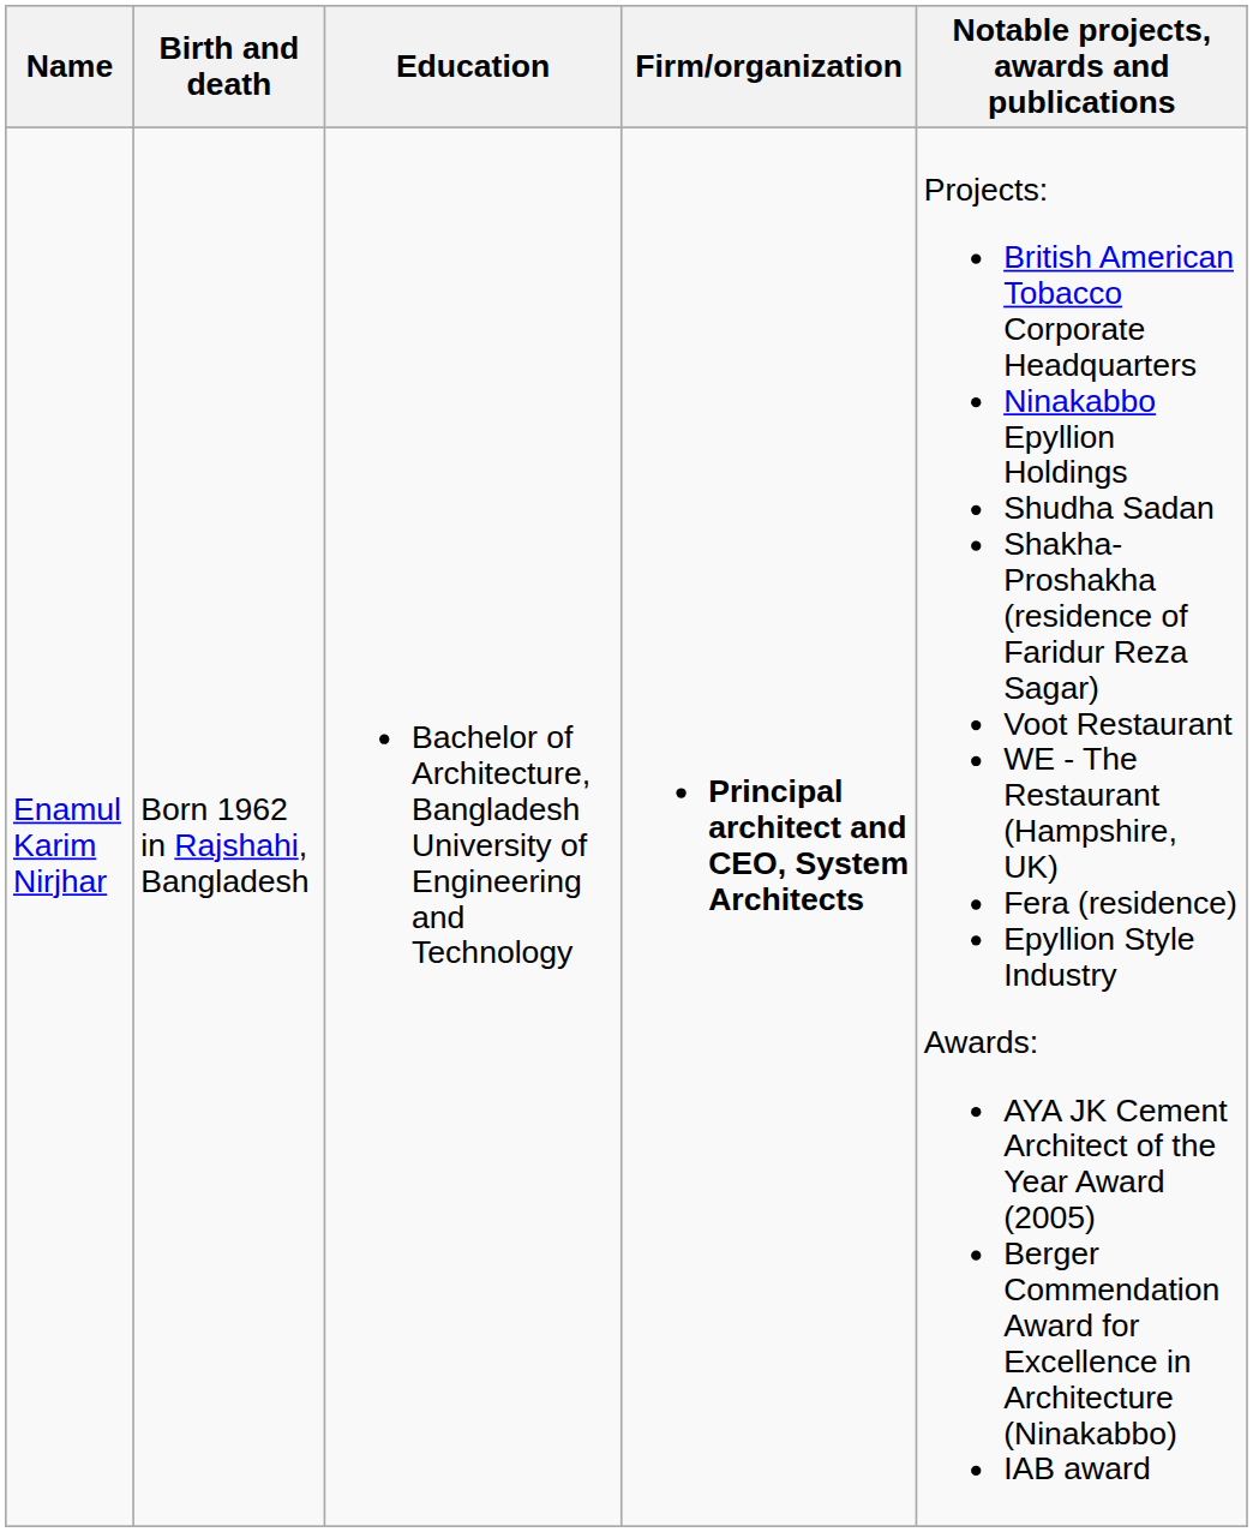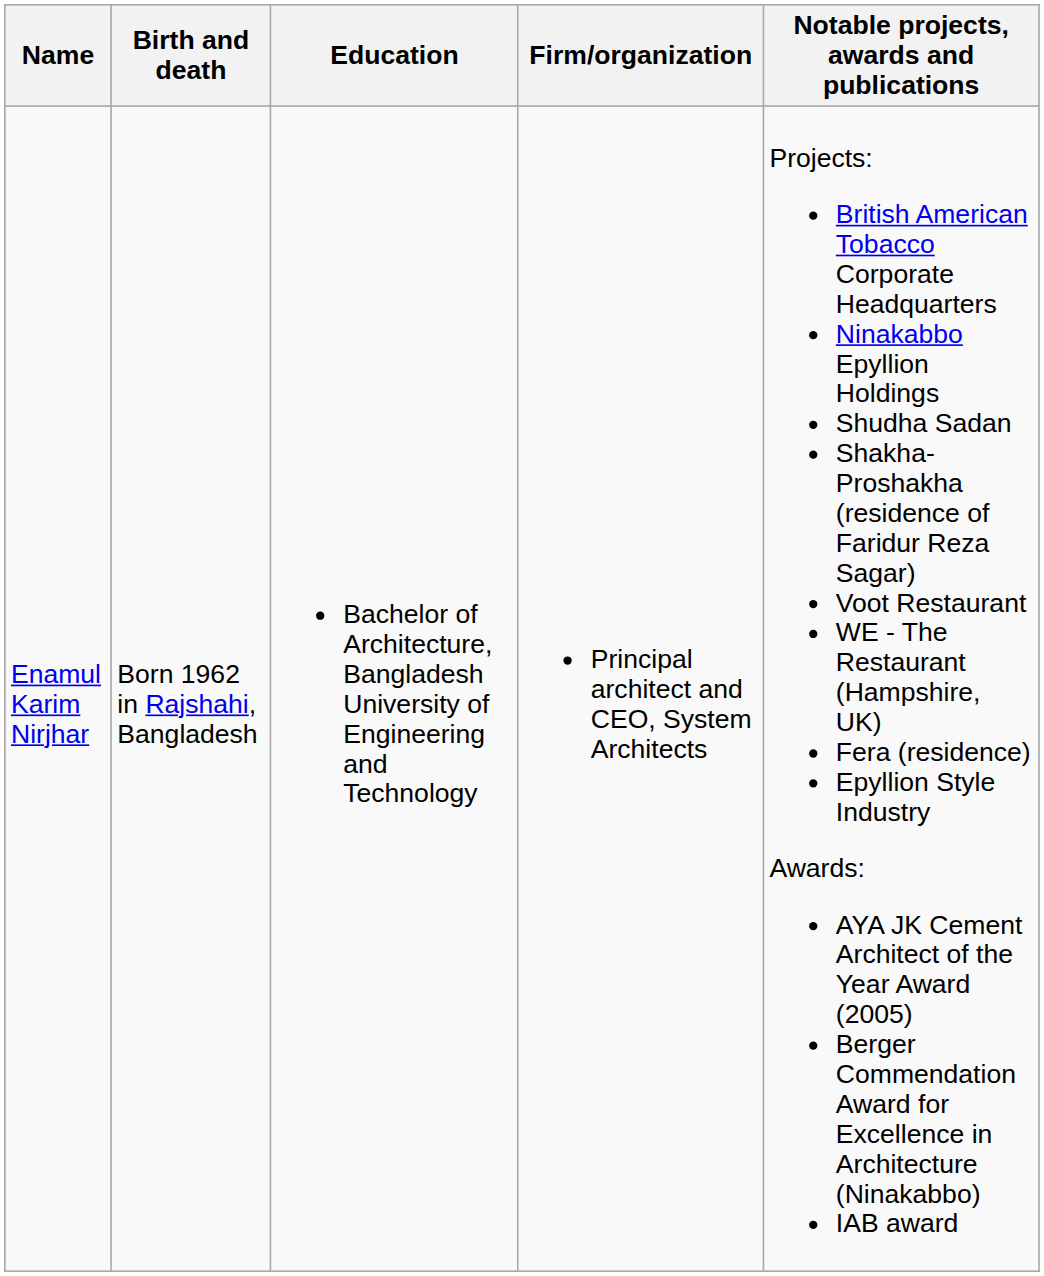 <table class="wikitable" width="100%">
 <tr bgcolor="#efefef">
 <th>Name</th>
 <th>Birth and death</th>
 <th>Education</th>
 <th>Firm/organization</th>
 <th>Notable projects, awards and publications</th>
 </tr>
 <tr>
 <td><br><a href='#'>Enamul Karim Nirjhar</a></td>
 <td><br>Born 1962 in <a href='#'>Rajshahi</a>, Bangladesh</td>
 <td><br><ul><li>Bachelor of Architecture, Bangladesh University of Engineering and Technology</li></ul></td>
-<td><strong><br><ul><li>Principal architect and CEO, System Architects</li></ul></strong></td>
+<td><br><ul><li>Principal architect and CEO, System Architects</li></ul></td>
 <td><br>Projects:<ul><li><a href='#'>British American Tobacco</a> Corporate Headquarters</li><li><a href='#'>Ninakabbo</a> Epyllion Holdings</li><li>Shudha Sadan</li><li>Shakha-Proshakha (residence of Faridur Reza Sagar)</li><li>Voot Restaurant</li><li>WE - The Restaurant (Hampshire, UK)</li><li>Fera (residence)</li><li>Epyllion Style Industry</li></ul>Awards:<ul><li>AYA JK Cement Architect of the Year Award (2005)</li><li>Berger Commendation Award for Excellence in Architecture (Ninakabbo)</li><li>IAB award</li></ul></td>
 </tr>
 <tr>
 </tr>
 </table>
